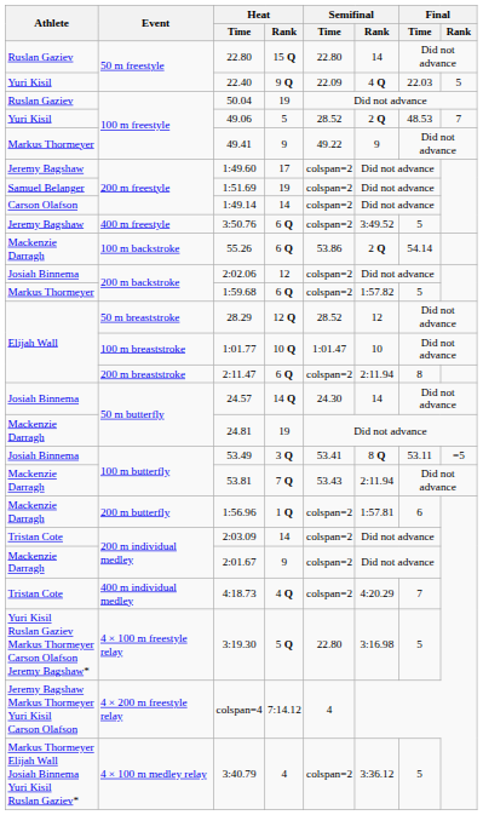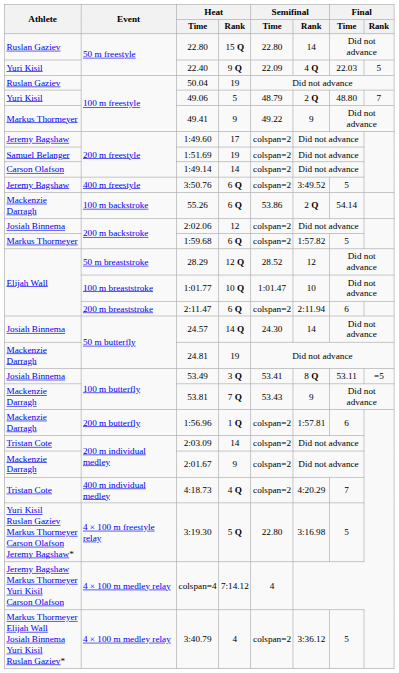 <table class=wikitable style=font-size:90%>
 <tr>
 <th rowspan=2>Athlete</th>
 <th rowspan=2>Event</th>
 <th colspan=2>Heat</th>
 <th colspan=2>Semifinal</th>
 <th colspan=2>Final</th>
 </tr>
 <tr style=font-size:95%>
 <th>Time</th>
 <th>Rank</th>
 <th>Time</th>
 <th>Rank</th>
 <th>Time</th>
 <th>Rank</th>
 </tr>
 <tr align=center>
 <td align=left><a href='#'>Ruslan Gaziev</a></td>
 <td align=left rowspan=2><a href='#'>50 m freestyle</a></td>
 <td>22.80</td>
 <td>15 <strong>Q</strong></td>
 <td>22.80</td>
 <td>14</td>
 <td colspan=2>Did not advance</td>
 </tr>
 <tr align=center>
 <td align=left><a href='#'>Yuri Kisil</a></td>
 <td>22.40</td>
 <td>9 <strong>Q</strong></td>
 <td>22.09</td>
 <td>4 <strong>Q</strong></td>
 <td>22.03</td>
 <td>5</td>
 </tr>
 <tr align=center>
 <td align=left><a href='#'>Ruslan Gaziev</a></td>
 <td align=left rowspan=3><a href='#'>100 m freestyle</a></td>
 <td>50.04</td>
 <td>19</td>
 <td colspan=4>Did not advance</td>
 </tr>
 <tr align=center>
 <td align=left><a href='#'>Yuri Kisil</a></td>
 <td>49.06</td>
 <td>5</td>
-<td>28.52</td>
+<td>48.79</td>
 <td>2 <strong>Q</strong></td>
-<td>48.53</td>
+<td>48.80</td>
 <td>7</td>
 </tr>
 <tr align=center>
 <td align=left><a href='#'>Markus Thormeyer</a></td>
 <td>49.41</td>
 <td>9</td>
 <td>49.22</td>
 <td>9</td>
 <td colspan=2>Did not advance</td>
 </tr>
 <tr align=center>
 <td align=left><a href='#'>Jeremy Bagshaw</a></td>
 <td align=left rowspan=3><a href='#'>200 m freestyle</a></td>
 <td>1:49.60</td>
 <td>17</td>
 <td>colspan=2 </td>
 <td colspan=2>Did not advance</td>
 </tr>
 <tr align=center>
 <td align=left><a href='#'>Samuel Belanger</a></td>
 <td>1:51.69</td>
 <td>19</td>
 <td>colspan=2 </td>
 <td colspan=2>Did not advance</td>
 </tr>
 <tr align=center>
 <td align=left><a href='#'>Carson Olafson</a></td>
 <td>1:49.14</td>
 <td>14</td>
 <td>colspan=2 </td>
 <td colspan=2>Did not advance</td>
 </tr>
 <tr align=center>
 <td align=left><a href='#'>Jeremy Bagshaw</a></td>
 <td align=left><a href='#'>400 m freestyle</a></td>
 <td>3:50.76</td>
 <td>6 <strong>Q</strong></td>
 <td>colspan=2 </td>
 <td>3:49.52</td>
 <td>5</td>
 </tr>
 <tr align=center>
 <td align=left><a href='#'>Mackenzie Darragh</a></td>
 <td align=left><a href='#'>100 m backstroke</a></td>
 <td>55.26</td>
 <td>6 <strong>Q</strong></td>
 <td>53.86</td>
 <td>2 <strong>Q</strong></td>
 <td>54.14</td>
 <td></td>
 </tr>
 <tr align=center>
 <td align=left><a href='#'>Josiah Binnema</a></td>
 <td align=left rowspan=2><a href='#'>200 m backstroke</a></td>
 <td>2:02.06</td>
 <td>12</td>
 <td>colspan=2 </td>
 <td colspan=2>Did not advance</td>
 </tr>
 <tr align=center>
 <td align=left><a href='#'>Markus Thormeyer</a></td>
 <td>1:59.68</td>
 <td>6 <strong>Q</strong></td>
 <td>colspan=2 </td>
 <td>1:57.82</td>
 <td>5</td>
 </tr>
 <tr align=center>
 <td align=left rowspan=3><a href='#'>Elijah Wall</a></td>
 <td align=left><a href='#'>50 m breaststroke</a></td>
 <td>28.29</td>
 <td>12 <strong>Q</strong></td>
 <td>28.52</td>
 <td>12</td>
 <td colspan=2>Did not advance</td>
 </tr>
 <tr align=center>
 <td align=left><a href='#'>100 m breaststroke</a></td>
 <td>1:01.77</td>
 <td>10 <strong>Q</strong></td>
 <td>1:01.47</td>
 <td>10</td>
 <td colspan=2>Did not advance</td>
 </tr>
 <tr align=center>
 <td align=left><a href='#'>200 m breaststroke</a></td>
 <td>2:11.47</td>
 <td>6 <strong>Q</strong></td>
 <td>colspan=2 </td>
 <td>2:11.94</td>
-<td>8</td>
+<td>6</td>
 </tr>
 <tr align=center>
 <td align=left><a href='#'>Josiah Binnema</a></td>
 <td align=left rowspan=2><a href='#'>50 m butterfly</a></td>
 <td>24.57</td>
 <td>14 <strong>Q</strong></td>
 <td>24.30</td>
 <td>14</td>
 <td colspan=2>Did not advance</td>
 </tr>
 <tr align=center>
 <td align=left><a href='#'>Mackenzie Darragh</a></td>
 <td>24.81</td>
 <td>19</td>
 <td colspan=4>Did not advance</td>
 </tr>
 <tr align=center>
 <td align=left><a href='#'>Josiah Binnema</a></td>
 <td align=left rowspan=2><a href='#'>100 m butterfly</a></td>
 <td>53.49</td>
 <td>3 <strong>Q</strong></td>
 <td>53.41</td>
 <td>8 <strong>Q</strong></td>
 <td>53.11</td>
 <td>=5</td>
 </tr>
 <tr align=center>
 <td align=left><a href='#'>Mackenzie Darragh</a></td>
 <td>53.81</td>
 <td>7 <strong>Q</strong></td>
 <td>53.43</td>
-<td>2:11.94</td>
+<td>9</td>
 <td colspan=2>Did not advance</td>
 </tr>
 <tr align=center>
 <td align=left><a href='#'>Mackenzie Darragh</a></td>
 <td align=left><a href='#'>200 m butterfly</a></td>
 <td>1:56.96</td>
 <td>1 <strong>Q</strong></td>
 <td>colspan=2 </td>
 <td>1:57.81</td>
 <td>6</td>
 </tr>
 <tr align=center>
 <td align=left><a href='#'>Tristan Cote</a></td>
 <td align=left rowspan=2><a href='#'>200 m individual medley</a></td>
 <td>2:03.09</td>
 <td>14</td>
 <td>colspan=2 </td>
 <td colspan=2>Did not advance</td>
 </tr>
 <tr align=center>
 <td align=left><a href='#'>Mackenzie Darragh</a></td>
 <td>2:01.67</td>
 <td>9</td>
 <td>colspan=2 </td>
 <td colspan=2>Did not advance</td>
 </tr>
 <tr align=center>
 <td align=left><a href='#'>Tristan Cote</a></td>
 <td align=left><a href='#'>400 m individual medley</a></td>
 <td>4:18.73</td>
 <td>4 <strong>Q</strong></td>
 <td>colspan=2 </td>
 <td>4:20.29</td>
 <td>7</td>
 </tr>
 <tr align=center>
 <td align=left><a href='#'>Yuri Kisil</a><br><a href='#'>Ruslan Gaziev</a><br><a href='#'>Markus Thormeyer</a><br><a href='#'>Carson Olafson</a><br><a href='#'>Jeremy Bagshaw</a>*</td>
 <td align=left><a href='#'>4 × 100 m freestyle relay</a></td>
 <td>3:19.30</td>
 <td>5 <strong>Q</strong></td>
 <td>22.80</td>
 <td>3:16.98</td>
 <td>5</td>
 </tr>
 <tr align=center>
 <td align=left><a href='#'>Jeremy Bagshaw</a><br><a href='#'>Markus Thormeyer</a><br><a href='#'>Yuri Kisil</a><br><a href='#'>Carson Olafson</a></td>
-<td align=left><a href='#'>4 × 200 m freestyle relay</a></td>
+<td align=left><a href='#'>4 × 100 m medley relay</a></td>
 <td>colspan=4 </td>
 <td>7:14.12</td>
 <td>4</td>
 </tr>
 <tr align=center>
 <td align=left><a href='#'>Markus Thormeyer</a><br><a href='#'>Elijah Wall</a><br><a href='#'>Josiah Binnema</a><br><a href='#'>Yuri Kisil</a><br><a href='#'>Ruslan Gaziev</a>*</td>
 <td align=left><a href='#'>4 × 100 m medley relay</a></td>
 <td>3:40.79</td>
 <td>4</td>
 <td>colspan=2 </td>
 <td>3:36.12</td>
 <td>5</td>
 </tr>
 </table>
